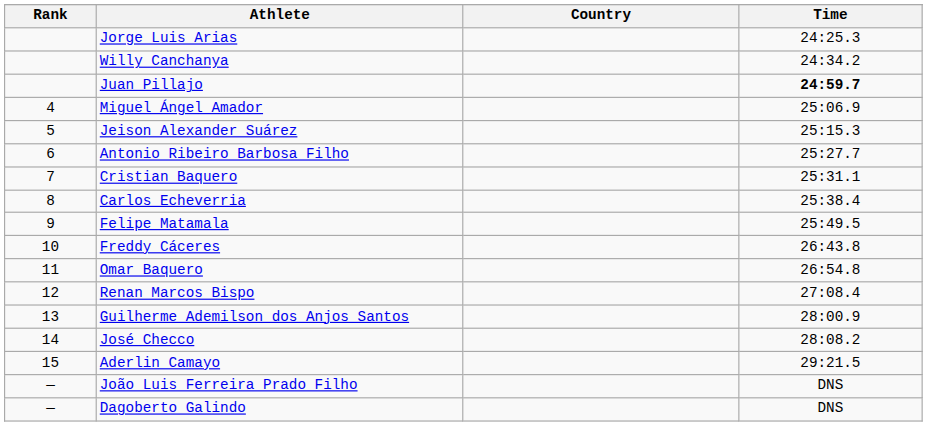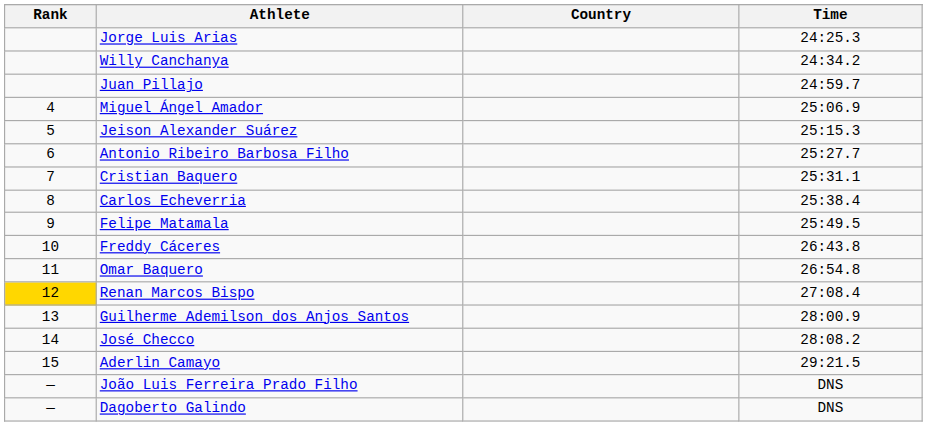 <table class="wikitable sortable" style=" text-align:center; font-size:95%;" width="50%">
 <tr>
 </tr>
 <tr>
 <th width=5%>Rank</th>
 <th width=20%>Athlete</th>
 <th width=15%>Country</th>
 <th width=10%>Time</th>
 </tr>
 <tr>
 <td align=center></td>
 <td align=left><a href='#'>Jorge Luis Arias</a></td>
 <td align=left></td>
 <td>24:25.3</td>
 </tr>
 <tr>
 <td align=center></td>
 <td align=left><a href='#'>Willy Canchanya</a></td>
 <td align=left></td>
 <td>24:34.2</td>
 </tr>
 <tr>
 <td align=center></td>
 <td align=left><a href='#'>Juan Pillajo</a></td>
 <td align=left></td>
-<td><strong>24:59.7</strong></td>
+<td>24:59.7</td>
 </tr>
 <tr>
 <td align=center>4</td>
 <td align=left><a href='#'>Miguel Ángel Amador</a></td>
 <td align=left></td>
 <td>25:06.9</td>
 </tr>
 <tr>
 <td align=center>5</td>
 <td align=left><a href='#'>Jeison Alexander Suárez</a></td>
 <td align=left></td>
 <td>25:15.3</td>
 </tr>
 <tr>
 <td align=center>6</td>
 <td align=left><a href='#'>Antonio Ribeiro Barbosa Filho</a></td>
 <td align=left></td>
 <td>25:27.7</td>
 </tr>
 <tr>
 <td align=center>7</td>
 <td align=left><a href='#'>Cristian Baquero</a></td>
 <td align=left></td>
 <td>25:31.1</td>
 </tr>
 <tr>
 <td align=center>8</td>
 <td align=left><a href='#'>Carlos Echeverria</a></td>
 <td align=left></td>
 <td>25:38.4</td>
 </tr>
 <tr>
 <td align=center>9</td>
 <td align=left><a href='#'>Felipe Matamala</a></td>
 <td align=left></td>
 <td>25:49.5</td>
 </tr>
 <tr>
 <td align=center>10</td>
 <td align=left><a href='#'>Freddy Cáceres</a></td>
 <td align=left></td>
 <td>26:43.8</td>
 </tr>
 <tr>
 <td align=center>11</td>
 <td align=left><a href='#'>Omar Baquero</a></td>
 <td align=left></td>
 <td>26:54.8</td>
 </tr>
 <tr>
-<td align=center>12</td>
+<td align=center style="background: gold;">12</td>
 <td align=left><a href='#'>Renan Marcos Bispo</a></td>
 <td align=left></td>
 <td>27:08.4</td>
 </tr>
 <tr>
 <td align=center>13</td>
 <td align=left><a href='#'>Guilherme Ademilson dos Anjos Santos</a></td>
 <td align=left></td>
 <td>28:00.9</td>
 </tr>
 <tr>
 <td align=center>14</td>
 <td align=left><a href='#'>José Checco</a></td>
 <td align=left></td>
 <td>28:08.2</td>
 </tr>
 <tr>
 <td align=center>15</td>
 <td align=left><a href='#'>Aderlin Camayo</a></td>
 <td align=left></td>
 <td>29:21.5</td>
 </tr>
 <tr>
 <td align=center>—</td>
 <td align=left><a href='#'>João Luis Ferreira Prado Filho</a></td>
 <td align=left></td>
 <td>DNS</td>
 </tr>
 <tr>
 <td align=center>—</td>
 <td align=left><a href='#'>Dagoberto Galindo</a></td>
 <td align=left></td>
 <td>DNS</td>
 </tr>
 </table>
